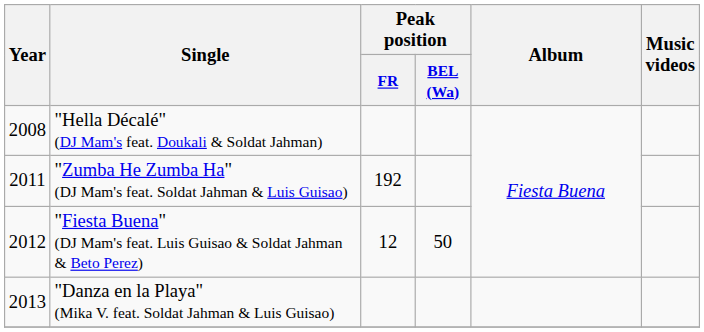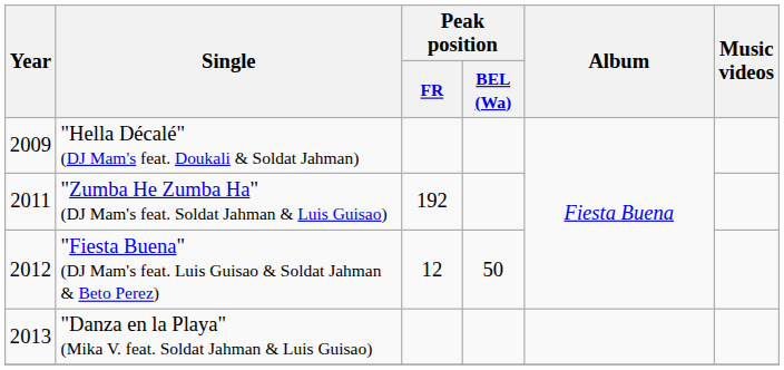 <table class="wikitable">
 <tr>
 <th align="center" rowspan="2">Year</th>
 <th align="center" rowspan="2" width="260">Single</th>
 <th align="center" colspan="2">Peak<br>position</th>
 <th align="center" rowspan="2" width="140">Album</th>
 <th align="center" rowspan="2" width="40">Music<br>videos</th>
 </tr>
 <tr>
 <th width="40"><small><a href='#'>FR</a></small><br></th>
 <th width="40"><small><a href='#'>BEL <br>(Wa)</a></small><br></th>
 </tr>
 <tr>
-<td align="center" rowspan="1">2008</td>
+<td align="center" rowspan="1">2009</td>
 <td>"Hella Décalé" <br><small>(<a href='#'>DJ Mam's</a> feat. <a href='#'>Doukali</a> & Soldat Jahman)</small></td>
 <td align="center"></td>
 <td align="center"></td>
 <td align="center" rowspan="3"><em><a href='#'>Fiesta Buena</a></em></td>
 <td align="center"><small></small></td>
 </tr>
 <tr>
 <td align="center" rowspan="1">2011</td>
 <td>"<a href='#'>Zumba He Zumba Ha</a>" <br><small>(DJ Mam's feat. Soldat Jahman & <a href='#'>Luis Guisao</a>)</small></td>
 <td align="center">192</td>
 <td align="center"></td>
 <td align="center"><small></small></td>
 </tr>
 <tr>
 <td align="center" rowspan="1">2012</td>
 <td>"<a href='#'>Fiesta Buena</a>" <br><small>(DJ Mam's feat. Luis Guisao & Soldat Jahman & <a href='#'>Beto Perez</a>)</small></td>
 <td align="center">12</td>
 <td align="center">50</td>
 <td align="center"><small></small></td>
 </tr>
 <tr>
 <td align="center" rowspan="1">2013</td>
 <td>"Danza en la Playa" <br><small>(Mika V. feat. Soldat Jahman & Luis Guisao)</small></td>
 <td align="center"></td>
 <td align="center"></td>
 <td align="center"></td>
 <td align="center"></td>
 </tr>
 <tr>
 </tr>
 </table>
